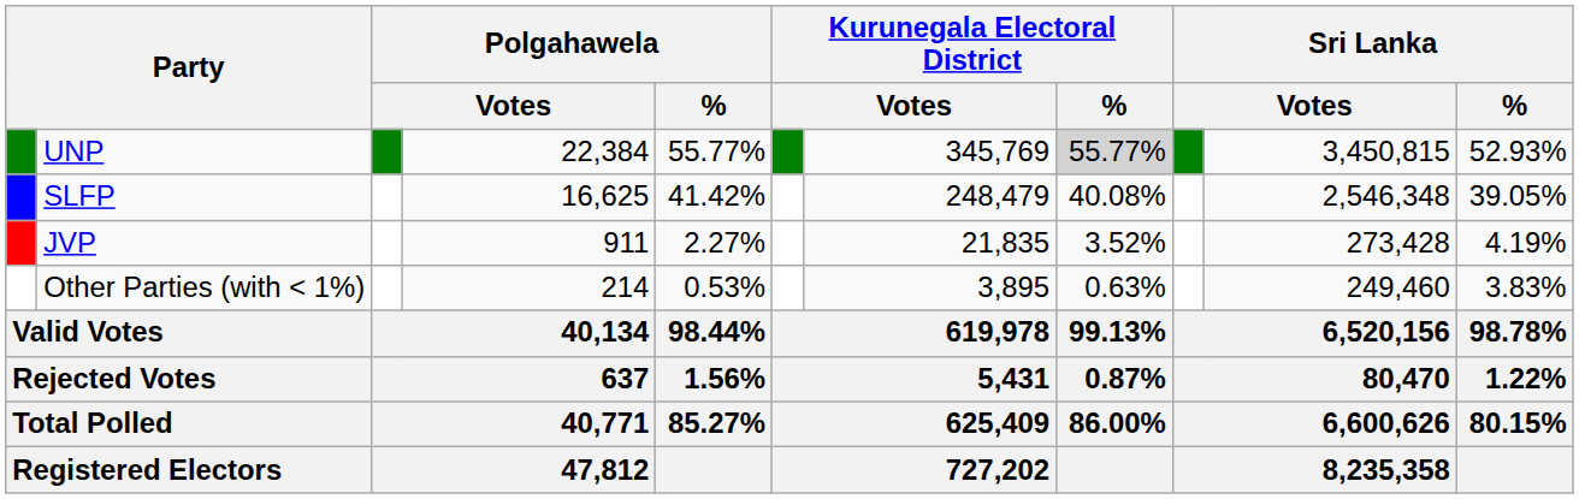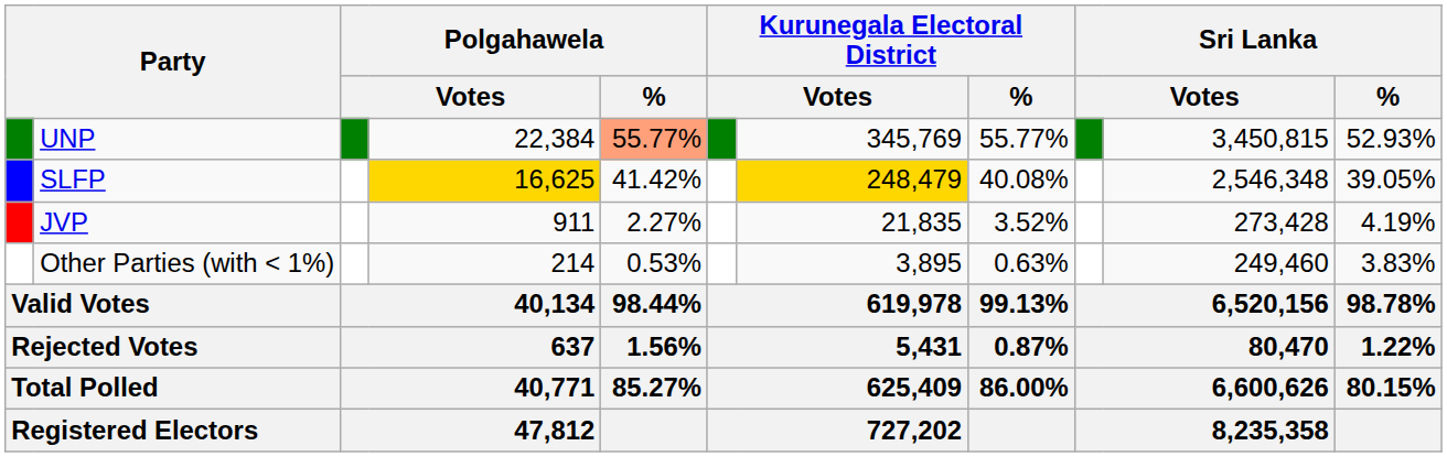 <table class="wikitable">
 <tr>
 <th colspan="2" width="144px"rowspan="2">Party</th>
 <th colspan="3" width="216px">Polgahawela</th>
 <th colspan="3" width="216px"><a href='#'>Kurunegala Electoral District</a></th>
 <th colspan="3" width="216px">Sri Lanka</th>
 </tr>
 <tr>
 <th colspan="2" width="144px">Votes</th>
 <th>%</th>
 <th colspan="2" width="144px">Votes</th>
 <th>%</th>
 <th colspan="2" width="144px">Votes</th>
 <th>%</th>
 </tr>
 <tr>
 <td style="background-color:green;" width="10px"></td>
 <td style="text-align:left;"><a href='#'>UNP</a></td>
 <td style="background-color:green;" width="10px"></td>
 <td style="text-align:right;">22,384</td>
-<td style="text-align:right;">55.77%</td>
+<td style="background: lightsalmon; text-align:right;">55.77%</td>
 <td style="background-color:green;" width="10px"></td>
 <td style="text-align:right;">345,769</td>
-<td style="background: lightgrey; text-align:right;">55.77%</td>
+<td style="text-align:right;">55.77%</td>
 <td style="background-color:green;" width="10px"></td>
 <td style="text-align:right;">3,450,815</td>
 <td style="text-align:right;">52.93%</td>
 </tr>
 <tr>
 <td style="background-color:blue;" width="10px"></td>
 <td style="text-align:left;"><a href='#'>SLFP</a></td>
 <td style="background-color:white;" width="10px"></td>
-<td style="text-align:right;">16,625</td>
+<td style="background: gold; text-align:right;">16,625</td>
 <td style="text-align:right;">41.42%</td>
 <td style="background-color:white;" width="10px"></td>
-<td style="text-align:right;">248,479</td>
+<td style="background: gold; text-align:right;">248,479</td>
 <td style="text-align:right;">40.08%</td>
 <td style="background-color:white;" width="10px"></td>
 <td style="text-align:right;">2,546,348</td>
 <td style="text-align:right;">39.05%</td>
 </tr>
 <tr>
 <td style="background-color:red;" width="10px"></td>
 <td style="text-align:left;"><a href='#'>JVP</a></td>
 <td style="background-color:white;" width="10px"></td>
 <td style="text-align:right;">911</td>
 <td style="text-align:right;">2.27%</td>
 <td style="background-color:white;" width="10px"></td>
 <td style="text-align:right;">21,835</td>
 <td style="text-align:right;">3.52%</td>
 <td style="background-color:white;" width="10px"></td>
 <td style="text-align:right;">273,428</td>
 <td style="text-align:right;">4.19%</td>
 </tr>
 <tr>
 <td style="background-color:white;" width="10px"></td>
 <td style="text-align:left;">Other Parties (with < 1%)</td>
 <td style="background-color:white;" width="10px"></td>
 <td style="text-align:right;">214</td>
 <td style="text-align:right;">0.53%</td>
 <td style="background-color:white;" width="10px"></td>
 <td style="text-align:right;">3,895</td>
 <td style="text-align:right;">0.63%</td>
 <td style="background-color:white;" width="10px"></td>
 <td style="text-align:right;">249,460</td>
 <td style="text-align:right;">3.83%</td>
 </tr>
 <tr>
 <th colspan="2" width="144px"style="text-align:left;">Valid Votes</th>
 <th style="text-align:right;"colspan="2" width="144px">40,134</th>
 <th style="text-align:right;">98.44%</th>
 <th style="text-align:right;"colspan="2" width="144px">619,978</th>
 <th style="text-align:right;">99.13%</th>
 <th style="text-align:right;"colspan="2" width="144px">6,520,156</th>
 <th style="text-align:right;">98.78%</th>
 </tr>
 <tr>
 <th colspan="2" width="144px"style="text-align:left;">Rejected Votes</th>
 <th style="text-align:right;"colspan="2" width="144px">637</th>
 <th style="text-align:right;">1.56%</th>
 <th style="text-align:right;"colspan="2" width="144px">5,431</th>
 <th style="text-align:right;">0.87%</th>
 <th style="text-align:right;"colspan="2" width="144px">80,470</th>
 <th style="text-align:right;">1.22%</th>
 </tr>
 <tr>
 <th colspan="2" width="144px"style="text-align:left;">Total Polled</th>
 <th style="text-align:right;"colspan="2" width="144px">40,771</th>
 <th style="text-align:right;">85.27%</th>
 <th style="text-align:right;"colspan="2" width="144px">625,409</th>
 <th style="text-align:right;">86.00%</th>
 <th style="text-align:right;"colspan="2" width="144px">6,600,626</th>
 <th style="text-align:right;">80.15%</th>
 </tr>
 <tr>
 <th colspan="2" width="144px"style="text-align:left;">Registered Electors</th>
 <th style="text-align:right;"colspan="2" width="144px">47,812</th>
 <th></th>
 <th style="text-align:right;"colspan="2" width="144px">727,202</th>
 <th></th>
 <th style="text-align:right;"colspan="2" width="144px">8,235,358</th>
 <th></th>
 </tr>
 </table>
